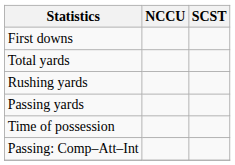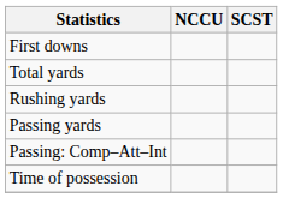 <table class="wikitable" style="float: left;">
 <tr>
 <th>Statistics</th>
 <th>NCCU</th>
 <th>SCST</th>
 </tr>
 <tr>
 <td>First downs</td>
 <td></td>
 <td></td>
 </tr>
 <tr>
 <td>Total yards</td>
 <td></td>
 <td></td>
 </tr>
 <tr>
 <td>Rushing yards</td>
 <td></td>
 <td></td>
 </tr>
 <tr>
 <td>Passing yards</td>
 <td></td>
 <td></td>
 </tr>
 <tr>
-<td>Time of possession</td>
+<td>Passing: Comp–Att–Int</td>
 <td></td>
 <td></td>
 </tr>
 <tr>
-<td>Passing: Comp–Att–Int</td>
+<td>Time of possession</td>
 <td></td>
 <td></td>
 </tr>
 <tr>
 </tr>
 </table>
